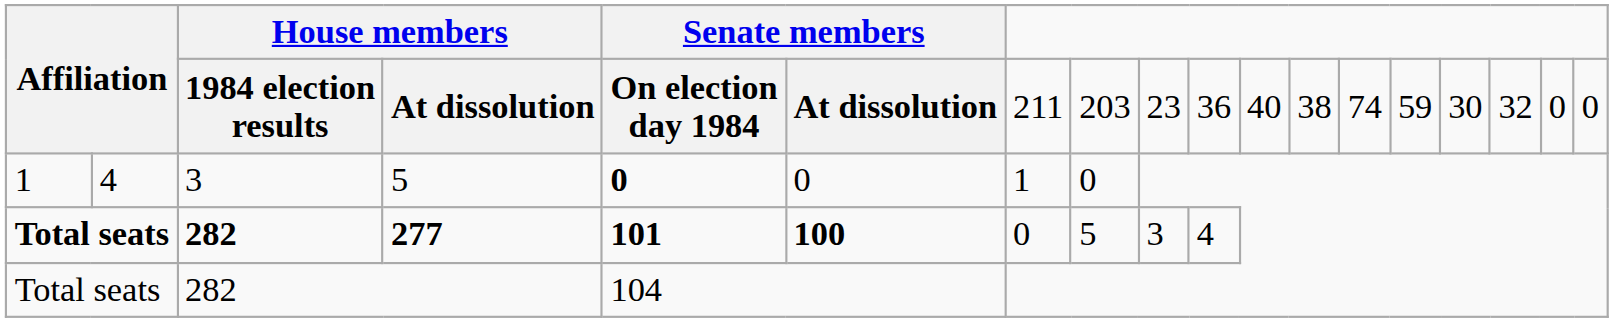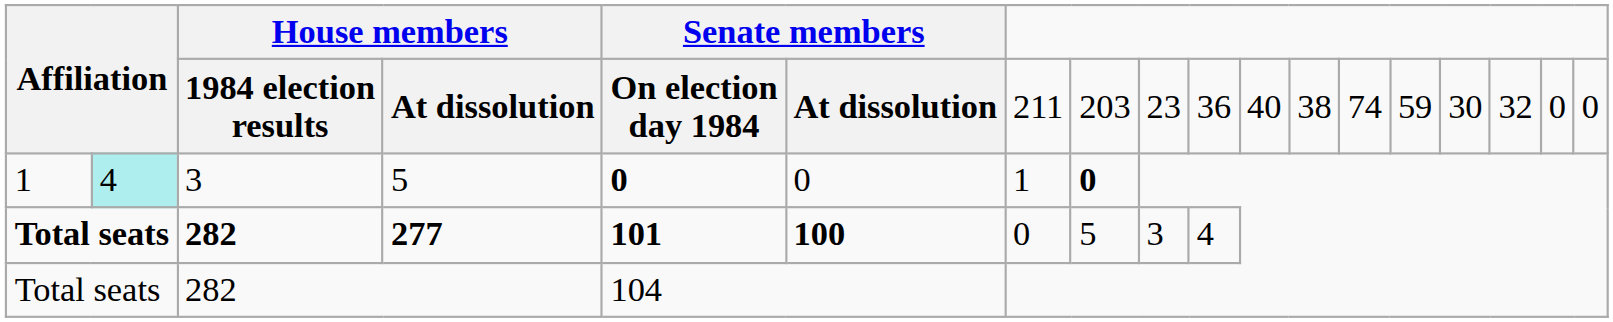 <table class="wikitable" style="margin:1em auto;">
 <tr>
 <th colspan=2 rowspan=2>Affiliation</th>
 <th colspan=2><a href='#'>House members</a></th>
 <th colspan=2><a href='#'>Senate members</a></th>
 </tr>
 <tr>
 <th>1984 election<br>results</th>
 <th>At dissolution</th>
 <th>On election<br>day 1984</th>
 <th>At dissolution<br></th>
 <td>211</td>
 <td>203</td>
 <td>23</td>
 <td>36<br></td>
 <td>40</td>
 <td>38</td>
 <td>74</td>
 <td>59<br></td>
 <td>30</td>
 <td>32</td>
 <td>0</td>
 <td>0</td>
 </tr>
 <tr>
 <td>1</td>
-<td>4</td>
+<td style="background: paleturquoise;">4</td>
 <td>3</td>
 <td>5<br></td>
 <td><strong>0</strong></td>
 <td>0</td>
 <td>1</td>
-<td>0</td>
+<td><strong>0</strong></td>
 </tr>
 <tr>
 <td colspan=2><strong>Total seats</strong></td>
 <td><strong>282</strong></td>
 <td><strong>277</strong></td>
 <td><strong>101</strong></td>
 <td><strong>100</strong><br></td>
 <td>0</td>
 <td>5</td>
 <td>3</td>
 <td>4</td>
 </tr>
 <tr>
 <td colspan=2>Total seats</td>
 <td colspan=2>282</td>
 <td colspan=2>104</td>
 </tr>
 </table>
